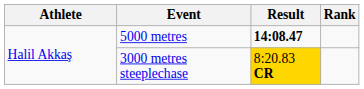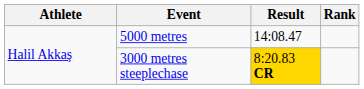 <table class=wikitable>
 <tr>
 <th width=125>Athlete</th>
 <th width=150>Event</th>
 <th width=75>Result</th>
 <th>Rank</th>
 </tr>
 <tr>
 <td rowspan=2><a href='#'>Halil Akkaş</a></td>
 <td><a href='#'>5000 metres</a></td>
-<td><strong>14:08.47</strong></td>
+<td>14:08.47</td>
 <td align=center></td>
 </tr>
 <tr>
 <td><a href='#'>3000 metres steeplechase</a></td>
 <td style="background: gold;">8:20.83 <strong>CR</strong></td>
 <td align=center></td>
 </tr>
 </table>
